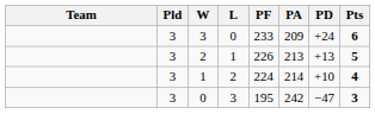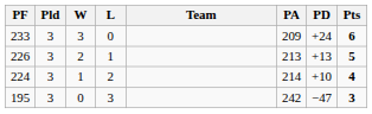 <table class="wikitable" style="text-align:center;">
 <tr>
-<th width=180>Team</th>
+<th width=30>PF</th>
 <th width=30>Pld</th>
 <th width=30>W</th>
 <th width=30>L</th>
-<th width=30>PF</th>
+<th width=180>Team</th>
 <th width=30>PA</th>
 <th width=30>PD</th>
 <th width=30>Pts</th>
 </tr>
 <tr>
-<td align="left"></td>
+<td>233</td>
 <td>3</td>
 <td>3</td>
 <td>0</td>
-<td>233</td>
+<td align="left"></td>
 <td>209</td>
 <td>+24</td>
 <td><strong>6</strong></td>
 </tr>
 <tr>
-<td align="left"></td>
+<td>226</td>
 <td>3</td>
 <td>2</td>
 <td>1</td>
-<td>226</td>
+<td align="left"></td>
 <td>213</td>
 <td>+13</td>
 <td><strong>5</strong></td>
 </tr>
 <tr>
-<td align="left"></td>
+<td>224</td>
 <td>3</td>
 <td>1</td>
 <td>2</td>
-<td>224</td>
+<td align="left"></td>
 <td>214</td>
 <td>+10</td>
 <td><strong>4</strong></td>
 </tr>
 <tr>
-<td align="left"></td>
+<td>195</td>
 <td>3</td>
 <td>0</td>
 <td>3</td>
-<td>195</td>
+<td align="left"></td>
 <td>242</td>
 <td>−47</td>
 <td><strong>3</strong></td>
 </tr>
 </table>
